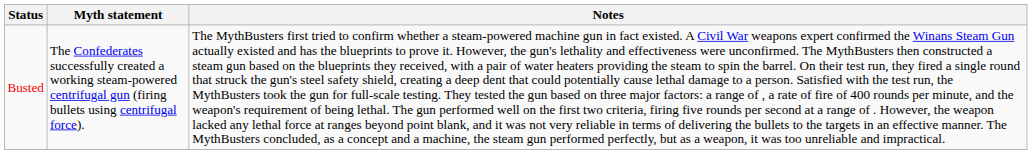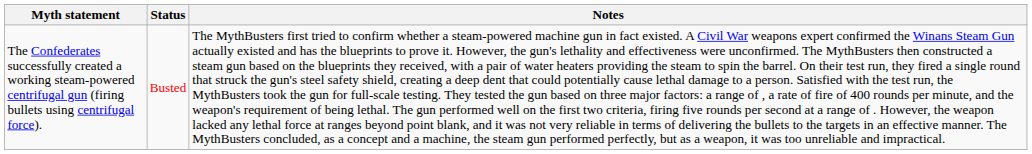 <table class="wikitable plainrowheaders">
 <tr>
+<th>Myth statement</th>
 <th>Status</th>
-<th>Myth statement</th>
 <th>Notes</th>
 </tr>
 <tr>
+<td>The <a href='#'>Confederates</a> successfully created a working steam-powered <a href='#'>centrifugal gun</a> (firing bullets using <a href='#'>centrifugal force</a>).</td>
 <td style="color:red">Busted</td>
-<td>The <a href='#'>Confederates</a> successfully created a working steam-powered <a href='#'>centrifugal gun</a> (firing bullets using <a href='#'>centrifugal force</a>).</td>
 <td>The MythBusters first tried to confirm whether a steam-powered machine gun in fact existed. A <a href='#'>Civil War</a> weapons expert confirmed the <a href='#'>Winans Steam Gun</a> actually existed and has the blueprints to prove it. However, the gun's lethality and effectiveness were unconfirmed. The MythBusters then constructed a steam gun based on the blueprints they received, with a pair of water heaters providing the steam to spin the barrel. On their test run, they fired a single round that struck the gun's steel safety shield, creating a deep dent that could potentially cause lethal damage to a person. Satisfied with the test run, the MythBusters took the gun for full-scale testing. They tested the gun based on three major factors: a range of , a rate of fire of 400 rounds per minute, and the weapon's requirement of being lethal. The gun performed well on the first two criteria, firing five rounds per second at a range of . However, the weapon lacked any lethal force at ranges beyond point blank, and it was not very reliable in terms of delivering the bullets to the targets in an effective manner. The MythBusters concluded, as a concept and a machine, the steam gun performed perfectly, but as a weapon, it was too unreliable and impractical.</td>
 </tr>
 </table>
